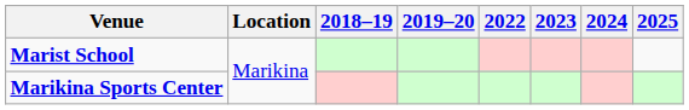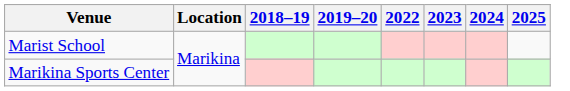 <table class="wikitable sortable" style="text-align:center">
 <tr>
 <th>Venue</th>
 <th>Location</th>
 <th><a href='#'>2018–19</a></th>
 <th><a href='#'>2019–20</a></th>
 <th><a href='#'>2022</a></th>
 <th><a href='#'>2023</a></th>
 <th><a href='#'>2024</a></th>
 <th><a href='#'>2025</a></th>
 </tr>
 <tr>
-<td align=left><strong><a href='#'>Marist School</a> <br> </strong></td>
+<td align=left><a href='#'>Marist School</a> <br> </td>
 <td align=left rowspan=2><a href='#'>Marikina</a></td>
 <td bgcolor="CFFFCF"></td>
 <td bgcolor="CFFFCF"></td>
 <td bgcolor="FFCFCF"></td>
 <td bgcolor="FFCFCF"></td>
 <td bgcolor="FFCFCF"></td>
 <td></td>
 </tr>
 <tr>
-<td align=left><strong><a href='#'>Marikina Sports Center</a></strong></td>
+<td align=left><a href='#'>Marikina Sports Center</a></td>
 <td bgcolor="FFCFCF"></td>
 <td bgcolor="CFFFCF"></td>
 <td bgcolor="CFFFCF"></td>
 <td bgcolor="CFFFCF"></td>
 <td bgcolor="FFCFCF"></td>
 <td bgcolor="CFFFCF"></td>
 </tr>
 </table>
